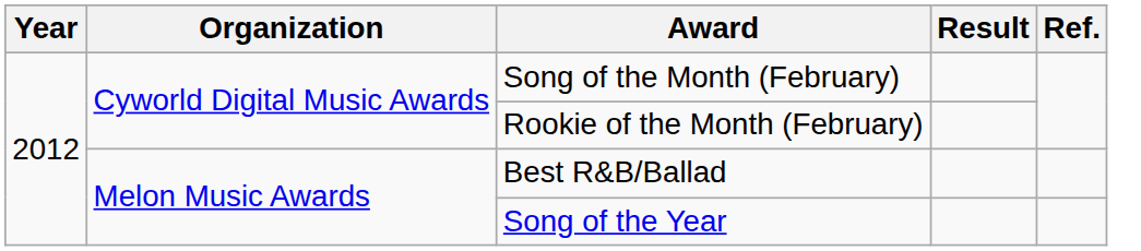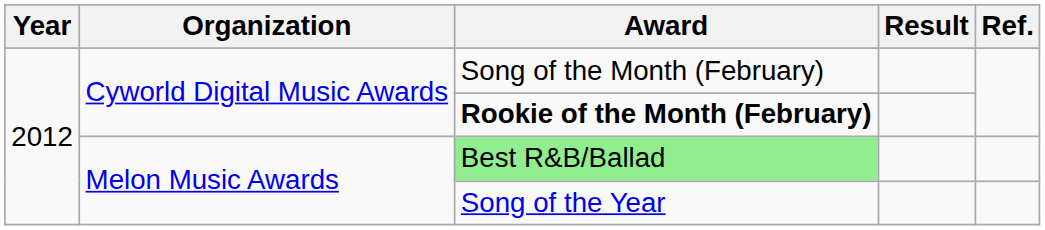 <table class="wikitable plainrowheaders">
 <tr>
 <th scope="col">Year</th>
 <th scope="col">Organization</th>
 <th scope="col">Award</th>
 <th scope="col">Result</th>
 <th>Ref.</th>
 </tr>
 <tr>
 <td rowspan="4">2012</td>
 <td rowspan="2"><a href='#'>Cyworld Digital Music Awards</a></td>
 <td>Song of the Month (February)</td>
 <td></td>
 <td style="text-align:center;" rowspan="2"></td>
 </tr>
 <tr>
-<td>Rookie of the Month (February)</td>
+<td><strong>Rookie of the Month (February)</strong></td>
 <td></td>
 </tr>
 <tr>
 <td rowspan="2"><a href='#'>Melon Music Awards</a></td>
-<td>Best R&B/Ballad</td>
+<td style="background: lightgreen;">Best R&B/Ballad</td>
 <td></td>
 <td style="text-align:center;"></td>
 </tr>
 <tr>
 <td><a href='#'>Song of the Year</a></td>
 <td></td>
 <td></td>
 </tr>
 </table>
